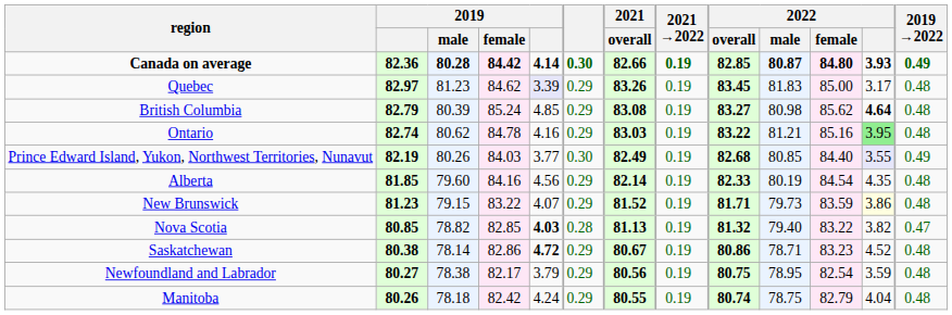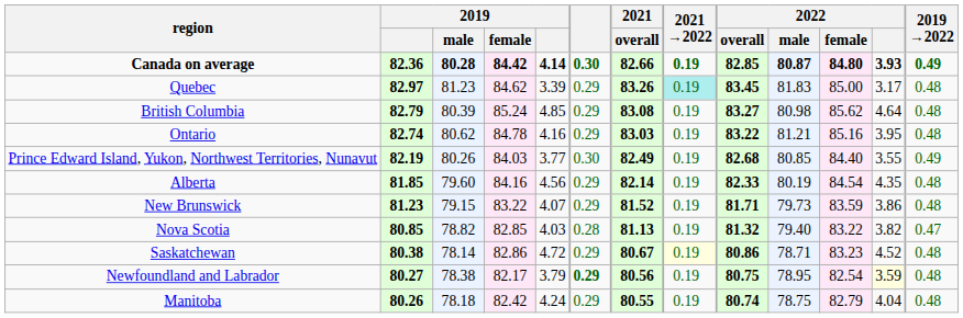 <table class="wikitable sortable mw-datatable static-row-numbers sort-under col1left col6right col8right col13right" style="text-align:center;">
 <tr>
 <th rowspan=2 style="vertical-align:middle;">region</th>
 <th colspan=4>2019</th>
 <th rowspan=2 style="vertical-align:middle;border-left-width:2px;"></th>
 <th style="border-left-width:2px;">2021</th>
 <th rowspan=2 style="vertical-align:middle;border-left-width:2px;">2021<br>→2022</th>
 <th colspan=4 style="border-left-width:2px;">2022</th>
 <th rowspan=2 style="vertical-align:middle;border-left-width:2px;">2019<br>→2022</th>
 </tr>
 <tr>
 <th style="vertical-align:middle;min-width:3em;"></th>
 <th style="vertical-align:middle;min-width:3em;">male</th>
 <th style="vertical-align:middle;min-width:3em;">female</th>
 <th></th>
 <th style="vertical-align:middle;min-width:3em;border-left-width:2px;">overall</th>
 <th style="vertical-align:middle;min-width:3em;border-left-width:2px;">overall</th>
 <th style="vertical-align:middle;min-width:3em;">male</th>
 <th style="vertical-align:middle;min-width:3em;">female</th>
 <th></th>
 </tr>
 <tr class=static-row-header>
 <td><strong>Canada on average</strong></td>
 <td style="background:#e0ffd8;"><strong>82.36</strong></td>
 <td style="background:#eaf3ff;"><strong>80.28</strong></td>
 <td style="background:#fee7f6;"><strong>84.42</strong></td>
 <td><strong>4.14</strong></td>
 <td style="padding-right:1.5ex;color:darkgreen;border-left-width:2px;"><strong>0.30</strong></td>
 <td style="background:#e0ffd8;border-left-width:2px;"><strong>82.66</strong></td>
 <td style="padding-right:1.5ex;color:darkgreen;border-left-width:2px;"><strong>0.19</strong></td>
 <td style="background:#e0ffd8;border-left-width:2px;"><strong>82.85</strong></td>
 <td style="background:#eaf3ff;"><strong>80.87</strong></td>
 <td style="background:#fee7f6;"><strong>84.80</strong></td>
 <td><strong>3.93</strong></td>
 <td style="padding-right:1.5ex;color:darkgreen;border-left-width:2px;"><strong>0.49</strong></td>
 </tr>
 <tr>
 <td><a href='#'>Quebec</a></td>
 <td style="background:#e0ffd8;"><strong>82.97</strong></td>
 <td style="background:#eaf3ff;">81.23</td>
 <td style="background:#fee7f6;">84.62</td>
-<td style="background: lavender;">3.39</td>
+<td>3.39</td>
 <td style="padding-right:1.5ex;color:darkgreen;border-left-width:2px;">0.29</td>
 <td style="background:#e0ffd8;border-left-width:2px;"><strong>83.26</strong></td>
-<td style="padding-right:1.5ex;color:darkgreen;border-left-width:2px;">0.19</td>
+<td style="background: paleturquoise; padding-right:1.5ex;color:darkgreen;border-left-width:2px;">0.19</td>
 <td style="background:#e0ffd8;border-left-width:2px;"><strong>83.45</strong></td>
 <td style="background:#eaf3ff;">81.83</td>
 <td style="background:#fee7f6;">85.00</td>
 <td>3.17</td>
 <td style="padding-right:1.5ex;color:darkgreen;border-left-width:2px;">0.48</td>
 </tr>
 <tr>
 <td><a href='#'>British Columbia</a></td>
 <td style="background:#e0ffd8;"><strong>82.79</strong></td>
 <td style="background:#eaf3ff;">80.39</td>
 <td style="background:#fee7f6;">85.24</td>
 <td>4.85</td>
 <td style="padding-right:1.5ex;color:darkgreen;border-left-width:2px;">0.29</td>
 <td style="background:#e0ffd8;border-left-width:2px;"><strong>83.08</strong></td>
 <td style="padding-right:1.5ex;color:darkgreen;border-left-width:2px;">0.19</td>
 <td style="background:#e0ffd8;border-left-width:2px;"><strong>83.27</strong></td>
 <td style="background:#eaf3ff;">80.98</td>
 <td style="background:#fee7f6;">85.62</td>
-<td><strong>4.64</strong></td>
+<td>4.64</td>
 <td style="padding-right:1.5ex;color:darkgreen;border-left-width:2px;">0.48</td>
 </tr>
 <tr>
 <td><a href='#'>Ontario</a></td>
 <td style="background:#e0ffd8;"><strong>82.74</strong></td>
 <td style="background:#eaf3ff;">80.62</td>
 <td style="background:#fee7f6;">84.78</td>
 <td>4.16</td>
 <td style="padding-right:1.5ex;color:darkgreen;border-left-width:2px;">0.29</td>
 <td style="background:#e0ffd8;border-left-width:2px;"><strong>83.03</strong></td>
 <td style="padding-right:1.5ex;color:darkgreen;border-left-width:2px;">0.19</td>
 <td style="background:#e0ffd8;border-left-width:2px;"><strong>83.22</strong></td>
 <td style="background:#eaf3ff;">81.21</td>
 <td style="background:#fee7f6;">85.16</td>
-<td style="background: lightgreen;">3.95</td>
+<td>3.95</td>
 <td style="padding-right:1.5ex;color:darkgreen;border-left-width:2px;">0.48</td>
 </tr>
 <tr>
 <td><a href='#'>Prince Edward Island</a>, <a href='#'>Yukon</a>, <a href='#'>Northwest Territories</a>, <a href='#'>Nunavut</a></td>
 <td style="background:#e0ffd8;"><strong>82.19</strong></td>
 <td style="background:#eaf3ff;">80.26</td>
 <td style="background:#fee7f6;">84.03</td>
 <td>3.77</td>
 <td style="padding-right:1.5ex;color:darkgreen;border-left-width:2px;">0.30</td>
 <td style="background:#e0ffd8;border-left-width:2px;"><strong>82.49</strong></td>
 <td style="padding-right:1.5ex;color:darkgreen;border-left-width:2px;">0.19</td>
 <td style="background:#e0ffd8;border-left-width:2px;"><strong>82.68</strong></td>
 <td style="background:#eaf3ff;">80.85</td>
 <td style="background:#fee7f6;">84.40</td>
-<td style="background: lavender;">3.55</td>
+<td>3.55</td>
 <td style="padding-right:1.5ex;color:darkgreen;border-left-width:2px;">0.49</td>
 </tr>
 <tr>
 <td><a href='#'>Alberta</a></td>
 <td style="background:#e0ffd8;"><strong>81.85</strong></td>
 <td style="background:#eaf3ff;">79.60</td>
 <td style="background:#fee7f6;">84.16</td>
 <td>4.56</td>
 <td style="padding-right:1.5ex;color:darkgreen;border-left-width:2px;">0.29</td>
 <td style="background:#e0ffd8;border-left-width:2px;"><strong>82.14</strong></td>
 <td style="padding-right:1.5ex;color:darkgreen;border-left-width:2px;">0.19</td>
 <td style="background:#e0ffd8;border-left-width:2px;"><strong>82.33</strong></td>
 <td style="background:#eaf3ff;">80.19</td>
 <td style="background:#fee7f6;">84.54</td>
 <td>4.35</td>
 <td style="padding-right:1.5ex;color:darkgreen;border-left-width:2px;">0.48</td>
 </tr>
 <tr>
 <td><a href='#'>New Brunswick</a></td>
 <td style="background:#e0ffd8;"><strong>81.23</strong></td>
 <td style="background:#eaf3ff;">79.15</td>
 <td style="background:#fee7f6;">83.22</td>
 <td>4.07</td>
 <td style="padding-right:1.5ex;color:darkgreen;border-left-width:2px;">0.29</td>
 <td style="background:#e0ffd8;border-left-width:2px;"><strong>81.52</strong></td>
 <td style="padding-right:1.5ex;color:darkgreen;border-left-width:2px;">0.19</td>
 <td style="background:#e0ffd8;border-left-width:2px;"><strong>81.71</strong></td>
 <td style="background:#eaf3ff;">79.73</td>
 <td style="background:#fee7f6;">83.59</td>
-<td style="background: lightyellow;">3.86</td>
+<td>3.86</td>
 <td style="padding-right:1.5ex;color:darkgreen;border-left-width:2px;">0.48</td>
 </tr>
 <tr>
 <td><a href='#'>Nova Scotia</a></td>
 <td style="background:#e0ffd8;"><strong>80.85</strong></td>
 <td style="background:#eaf3ff;">78.82</td>
 <td style="background:#fee7f6;">82.85</td>
-<td><strong>4.03</strong></td>
+<td>4.03</td>
 <td style="padding-right:1.5ex;color:darkgreen;border-left-width:2px;">0.28</td>
 <td style="background:#e0ffd8;border-left-width:2px;"><strong>81.13</strong></td>
 <td style="padding-right:1.5ex;color:darkgreen;border-left-width:2px;">0.19</td>
 <td style="background:#e0ffd8;border-left-width:2px;"><strong>81.32</strong></td>
 <td style="background:#eaf3ff;">79.40</td>
 <td style="background:#fee7f6;">83.22</td>
 <td>3.82</td>
 <td style="padding-right:1.5ex;color:darkgreen;border-left-width:2px;">0.47</td>
 </tr>
 <tr>
 <td><a href='#'>Saskatchewan</a></td>
 <td style="background:#e0ffd8;"><strong>80.38</strong></td>
 <td style="background:#eaf3ff;">78.14</td>
 <td style="background:#fee7f6;">82.86</td>
-<td><strong>4.72</strong></td>
+<td>4.72</td>
 <td style="padding-right:1.5ex;color:darkgreen;border-left-width:2px;">0.29</td>
 <td style="background:#e0ffd8;border-left-width:2px;"><strong>80.67</strong></td>
-<td style="padding-right:1.5ex;color:darkgreen;border-left-width:2px;">0.19</td>
+<td style="background: lightyellow; padding-right:1.5ex;color:darkgreen;border-left-width:2px;">0.19</td>
 <td style="background:#e0ffd8;border-left-width:2px;"><strong>80.86</strong></td>
 <td style="background:#eaf3ff;">78.71</td>
 <td style="background:#fee7f6;">83.23</td>
 <td>4.52</td>
 <td style="padding-right:1.5ex;color:darkgreen;border-left-width:2px;">0.48</td>
 </tr>
 <tr>
 <td><a href='#'>Newfoundland and Labrador</a></td>
 <td style="background:#e0ffd8;"><strong>80.27</strong></td>
 <td style="background:#eaf3ff;">78.38</td>
 <td style="background:#fee7f6;">82.17</td>
 <td>3.79</td>
-<td style="padding-right:1.5ex;color:darkgreen;border-left-width:2px;">0.29</td>
+<td style="padding-right:1.5ex;color:darkgreen;border-left-width:2px;"><strong>0.29</strong></td>
 <td style="background:#e0ffd8;border-left-width:2px;"><strong>80.56</strong></td>
 <td style="padding-right:1.5ex;color:darkgreen;border-left-width:2px;">0.19</td>
 <td style="background:#e0ffd8;border-left-width:2px;"><strong>80.75</strong></td>
 <td style="background:#eaf3ff;">78.95</td>
 <td style="background:#fee7f6;">82.54</td>
-<td>3.59</td>
+<td style="background: lightyellow;">3.59</td>
 <td style="padding-right:1.5ex;color:darkgreen;border-left-width:2px;">0.48</td>
 </tr>
 <tr>
 <td><a href='#'>Manitoba</a></td>
 <td style="background:#e0ffd8;"><strong>80.26</strong></td>
 <td style="background:#eaf3ff;">78.18</td>
 <td style="background:#fee7f6;">82.42</td>
 <td>4.24</td>
 <td style="padding-right:1.5ex;color:darkgreen;border-left-width:2px;">0.29</td>
 <td style="background:#e0ffd8;border-left-width:2px;"><strong>80.55</strong></td>
 <td style="padding-right:1.5ex;color:darkgreen;border-left-width:2px;">0.19</td>
 <td style="background:#e0ffd8;border-left-width:2px;"><strong>80.74</strong></td>
 <td style="background:#eaf3ff;">78.75</td>
 <td style="background:#fee7f6;">82.79</td>
 <td>4.04</td>
 <td style="padding-right:1.5ex;color:darkgreen;border-left-width:2px;">0.48</td>
 </tr>
 </table>
